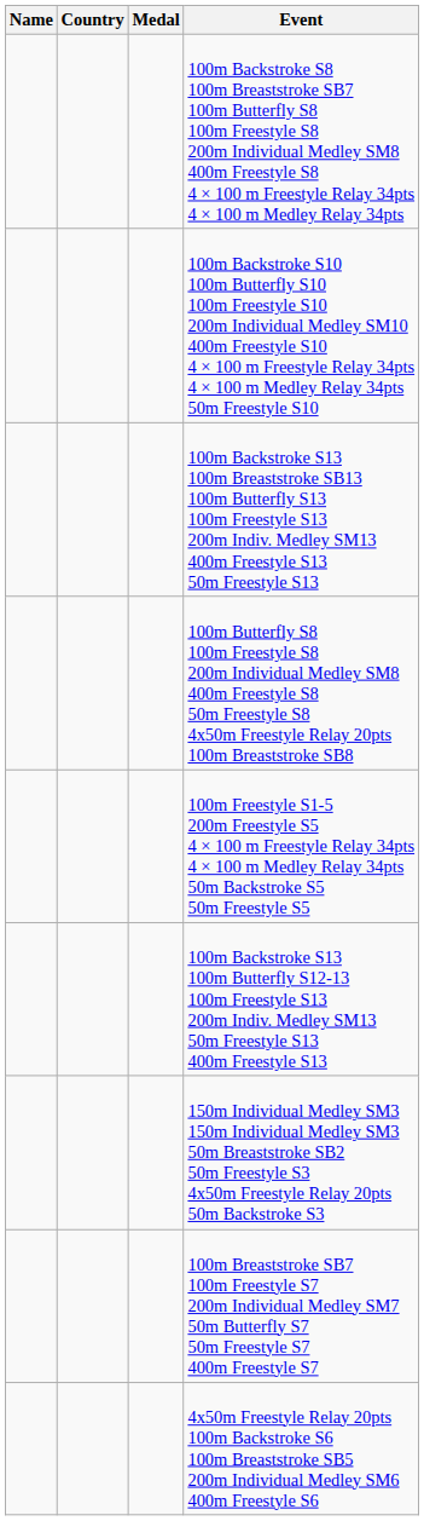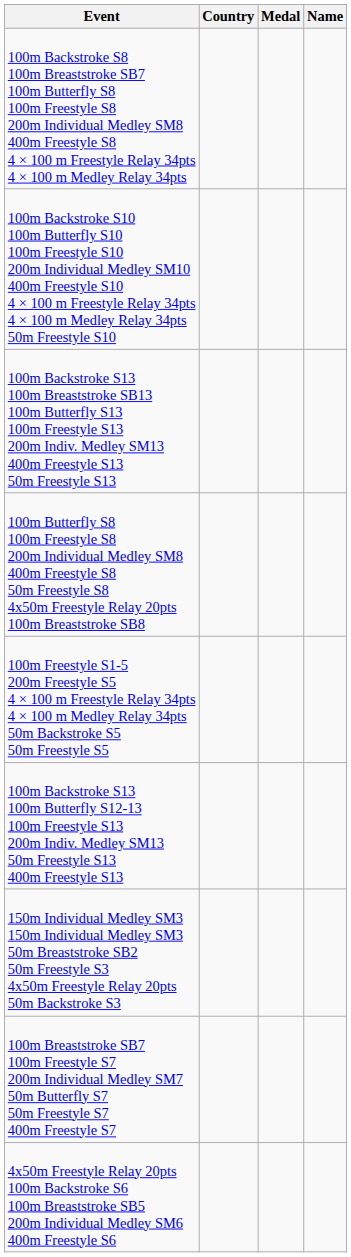 <table class="wikitable sortable" style="font-size:95%">
 <tr>
-<th>Name</th>
+<th>Event</th>
 <th>Country</th>
 <th>Medal</th>
-<th>Event</th>
+<th>Name</th>
 </tr>
 <tr>
-<td></td>
+<td><br><a href='#'>100m Backstroke S8</a><br> <a href='#'>100m Breaststroke SB7</a> <br>  <a href='#'>100m Butterfly S8</a><br> <a href='#'>100m Freestyle S8</a><br>  <a href='#'>200m Individual Medley SM8</a><br>  <a href='#'>400m Freestyle S8</a><br> <a href='#'>4 × 100 m Freestyle Relay 34pts</a><br> <a href='#'>4 × 100 m Medley Relay 34pts</a></td>
 <td></td>
 <td><br><br>  <br> <br>  <br> <br>  <br> <br> <br></td>
-<td><br><a href='#'>100m Backstroke S8</a><br> <a href='#'>100m Breaststroke SB7</a> <br>  <a href='#'>100m Butterfly S8</a><br> <a href='#'>100m Freestyle S8</a><br>  <a href='#'>200m Individual Medley SM8</a><br>  <a href='#'>400m Freestyle S8</a><br> <a href='#'>4 × 100 m Freestyle Relay 34pts</a><br> <a href='#'>4 × 100 m Medley Relay 34pts</a></td>
+<td></td>
 </tr>
 <tr>
-<td></td>
+<td><br><a href='#'>100m Backstroke S10</a><br> <a href='#'>100m Butterfly S10</a><br> <a href='#'>100m Freestyle S10</a><br>  <a href='#'>200m Individual Medley SM10</a><br> <a href='#'>400m Freestyle S10</a><br> <a href='#'>4 × 100 m Freestyle Relay 34pts</a><br>  <a href='#'>4 × 100 m Medley Relay 34pts</a><br> <a href='#'>50m Freestyle S10</a></td>
 <td></td>
 <td><br><br>  <br> <br>  <br> <br>  <br> <br> <br></td>
-<td><br><a href='#'>100m Backstroke S10</a><br> <a href='#'>100m Butterfly S10</a><br> <a href='#'>100m Freestyle S10</a><br>  <a href='#'>200m Individual Medley SM10</a><br> <a href='#'>400m Freestyle S10</a><br> <a href='#'>4 × 100 m Freestyle Relay 34pts</a><br>  <a href='#'>4 × 100 m Medley Relay 34pts</a><br> <a href='#'>50m Freestyle S10</a></td>
+<td></td>
 </tr>
 <tr>
-<td></td>
+<td><br><a href='#'>100m Backstroke S13</a> <br>  <a href='#'>100m Breaststroke SB13</a><br> <a href='#'>100m Butterfly S13</a><br>  <a href='#'>100m Freestyle S13</a><br> <a href='#'>200m Indiv. Medley SM13</a><br> <a href='#'>400m Freestyle S13</a><br>  <a href='#'>50m Freestyle S13</a></td>
 <td></td>
 <td><br><br>  <br>  <br> <br> <br> <br> <br></td>
-<td><br><a href='#'>100m Backstroke S13</a> <br>  <a href='#'>100m Breaststroke SB13</a><br> <a href='#'>100m Butterfly S13</a><br>  <a href='#'>100m Freestyle S13</a><br> <a href='#'>200m Indiv. Medley SM13</a><br> <a href='#'>400m Freestyle S13</a><br>  <a href='#'>50m Freestyle S13</a></td>
+<td></td>
 </tr>
 <tr>
-<td></td>
+<td><br><a href='#'>100m Butterfly S8</a> <br>  <a href='#'>100m Freestyle S8</a><br> <a href='#'>200m Individual Medley SM8</a><br>  <a href='#'>400m Freestyle S8</a><br>  <a href='#'>50m Freestyle S8</a><br> <a href='#'>4x50m Freestyle Relay 20pts</a><br> <a href='#'>100m Breaststroke SB8</a></td>
 <td></td>
 <td><br><br>  <br>  <br> <br> <br> <br> <br></td>
-<td><br><a href='#'>100m Butterfly S8</a> <br>  <a href='#'>100m Freestyle S8</a><br> <a href='#'>200m Individual Medley SM8</a><br>  <a href='#'>400m Freestyle S8</a><br>  <a href='#'>50m Freestyle S8</a><br> <a href='#'>4x50m Freestyle Relay 20pts</a><br> <a href='#'>100m Breaststroke SB8</a></td>
+<td></td>
 </tr>
 <tr>
-<td></td>
+<td><br><a href='#'>100m Freestyle S1-5</a> <br>  <a href='#'>200m Freestyle S5</a><br> <a href='#'>4 × 100 m Freestyle Relay 34pts</a><br>  <a href='#'>4 × 100 m Medley Relay 34pts</a><br> <a href='#'>50m Backstroke S5</a><br> <a href='#'>50m Freestyle S5</a></td>
 <td></td>
 <td><br><br>  <br>  <br> <br> <br> <br></td>
-<td><br><a href='#'>100m Freestyle S1-5</a> <br>  <a href='#'>200m Freestyle S5</a><br> <a href='#'>4 × 100 m Freestyle Relay 34pts</a><br>  <a href='#'>4 × 100 m Medley Relay 34pts</a><br> <a href='#'>50m Backstroke S5</a><br> <a href='#'>50m Freestyle S5</a></td>
+<td></td>
 </tr>
 <tr>
-<td></td>
+<td><br><a href='#'>100m Backstroke S13</a> <br>  <a href='#'>100m Butterfly S12-13</a><br> <a href='#'>100m Freestyle S13</a><br>  <a href='#'>200m Indiv. Medley SM13</a><br>  <a href='#'>50m Freestyle S13</a><br> <a href='#'>400m Freestyle S13</a></td>
 <td></td>
 <td><br><br>  <br>  <br> <br> <br> <br></td>
-<td><br><a href='#'>100m Backstroke S13</a> <br>  <a href='#'>100m Butterfly S12-13</a><br> <a href='#'>100m Freestyle S13</a><br>  <a href='#'>200m Indiv. Medley SM13</a><br>  <a href='#'>50m Freestyle S13</a><br> <a href='#'>400m Freestyle S13</a></td>
+<td></td>
 </tr>
 <tr>
-<td></td>
+<td><br><a href='#'>150m Individual Medley SM3</a> <br>  <a href='#'>150m Individual Medley SM3</a><br> <a href='#'>50m Breaststroke SB2</a><br>  <a href='#'>50m Freestyle S3</a><br> <a href='#'>4x50m Freestyle Relay 20pts</a><br> <a href='#'>50m Backstroke S3</a></td>
 <td></td>
 <td><br><br>  <br>  <br> <br> <br> <br></td>
-<td><br><a href='#'>150m Individual Medley SM3</a> <br>  <a href='#'>150m Individual Medley SM3</a><br> <a href='#'>50m Breaststroke SB2</a><br>  <a href='#'>50m Freestyle S3</a><br> <a href='#'>4x50m Freestyle Relay 20pts</a><br> <a href='#'>50m Backstroke S3</a></td>
+<td></td>
 </tr>
 <tr>
-<td></td>
+<td><br><a href='#'>100m Breaststroke SB7</a> <br>  <a href='#'>100m Freestyle S7</a><br> <a href='#'>200m Individual Medley SM7</a><br>  <a href='#'>50m Butterfly S7</a><br>  <a href='#'>50m Freestyle S7</a><br> <a href='#'>400m Freestyle S7</a></td>
 <td></td>
 <td><br><br>  <br>  <br> <br> <br> <br></td>
-<td><br><a href='#'>100m Breaststroke SB7</a> <br>  <a href='#'>100m Freestyle S7</a><br> <a href='#'>200m Individual Medley SM7</a><br>  <a href='#'>50m Butterfly S7</a><br>  <a href='#'>50m Freestyle S7</a><br> <a href='#'>400m Freestyle S7</a></td>
+<td></td>
 </tr>
 <tr>
-<td></td>
+<td><br><a href='#'>4x50m Freestyle Relay 20pts</a> <br>  <a href='#'>100m Backstroke S6</a><br> <a href='#'>100m Breaststroke SB5</a><br>  <a href='#'>200m Individual Medley SM6</a><br>  <a href='#'>400m Freestyle S6</a></td>
 <td></td>
 <td><br><br>  <br>  <br> <br> <br></td>
-<td><br><a href='#'>4x50m Freestyle Relay 20pts</a> <br>  <a href='#'>100m Backstroke S6</a><br> <a href='#'>100m Breaststroke SB5</a><br>  <a href='#'>200m Individual Medley SM6</a><br>  <a href='#'>400m Freestyle S6</a></td>
+<td></td>
 </tr>
 </table>
